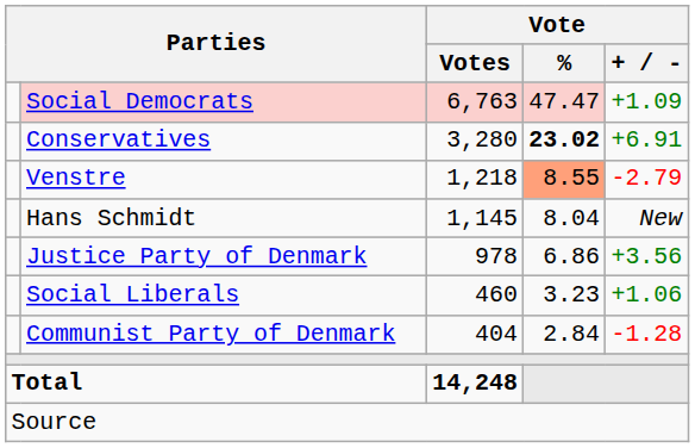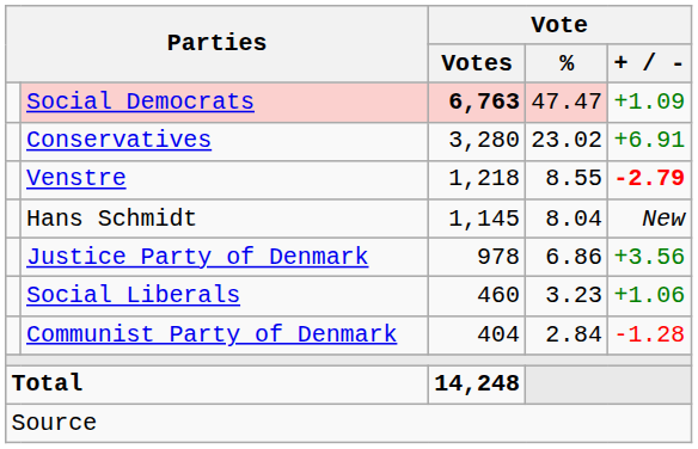 <table class="wikitable" style="text-align:right;">
 <tr>
 <th style="text-align:centre;" rowspan="2" colspan="2" width="225">Parties</th>
 <th colspan="3">Vote</th>
 </tr>
 <tr>
 <th width="15">Votes</th>
 <th width="15">%</th>
 <th width="15">+ / -</th>
 </tr>
 <tr>
 <td width="2" style="color:inherit;background:"></td>
 <td bgcolor=#fbd0ce  align="left"><a href='#'>Social Democrats</a></td>
-<td bgcolor=#fbd0ce>6,763</td>
+<td bgcolor=#fbd0ce><strong>6,763</strong></td>
 <td bgcolor=#fbd0ce>47.47</td>
 <td style=color:green;>+1.09</td>
 </tr>
 <tr>
 <td width="2" style="color:inherit;background:"></td>
 <td align="left"><a href='#'>Conservatives</a></td>
 <td>3,280</td>
-<td><strong>23.02</strong></td>
+<td>23.02</td>
 <td style=color:green;>+6.91</td>
 </tr>
 <tr>
 <td width="2" style="color:inherit;background:"></td>
 <td align="left"><a href='#'>Venstre</a></td>
 <td>1,218</td>
-<td style="background: lightsalmon;">8.55</td>
-<td style=color:red;>-2.79</td>
+<td>8.55</td>
+<td style=color:red;><strong>-2.79</strong></td>
 </tr>
 <tr>
 <td width="2" style="color:inherit;background:"></td>
 <td align="left">Hans Schmidt</td>
 <td>1,145</td>
 <td>8.04</td>
 <td><em>New</em></td>
 </tr>
 <tr>
 <td width="2" style="color:inherit;background:"></td>
 <td align="left"><a href='#'>Justice Party of Denmark</a></td>
 <td>978</td>
 <td>6.86</td>
 <td style=color:green;>+3.56</td>
 </tr>
 <tr>
 <td width="2" style="color:inherit;background:"></td>
 <td align="left"><a href='#'>Social Liberals</a></td>
 <td>460</td>
 <td>3.23</td>
 <td style=color:green;>+1.06</td>
 </tr>
 <tr>
 <td width="2" style="color:inherit;background:"></td>
 <td align="left"><a href='#'>Communist Party of Denmark</a></td>
 <td>404</td>
 <td>2.84</td>
 <td style=color:red;>-1.28</td>
 </tr>
 <tr>
 <td colspan="7" bgcolor="#E9E9E9"></td>
 </tr>
 <tr>
 <td align="left" colspan="2"><strong>Total</strong></td>
 <td><strong>14,248</strong></td>
 <td bgcolor="#E9E9E9" colspan="2"></td>
 </tr>
 <tr>
 <td align="left" colspan="6">Source</td>
 </tr>
 </table>
